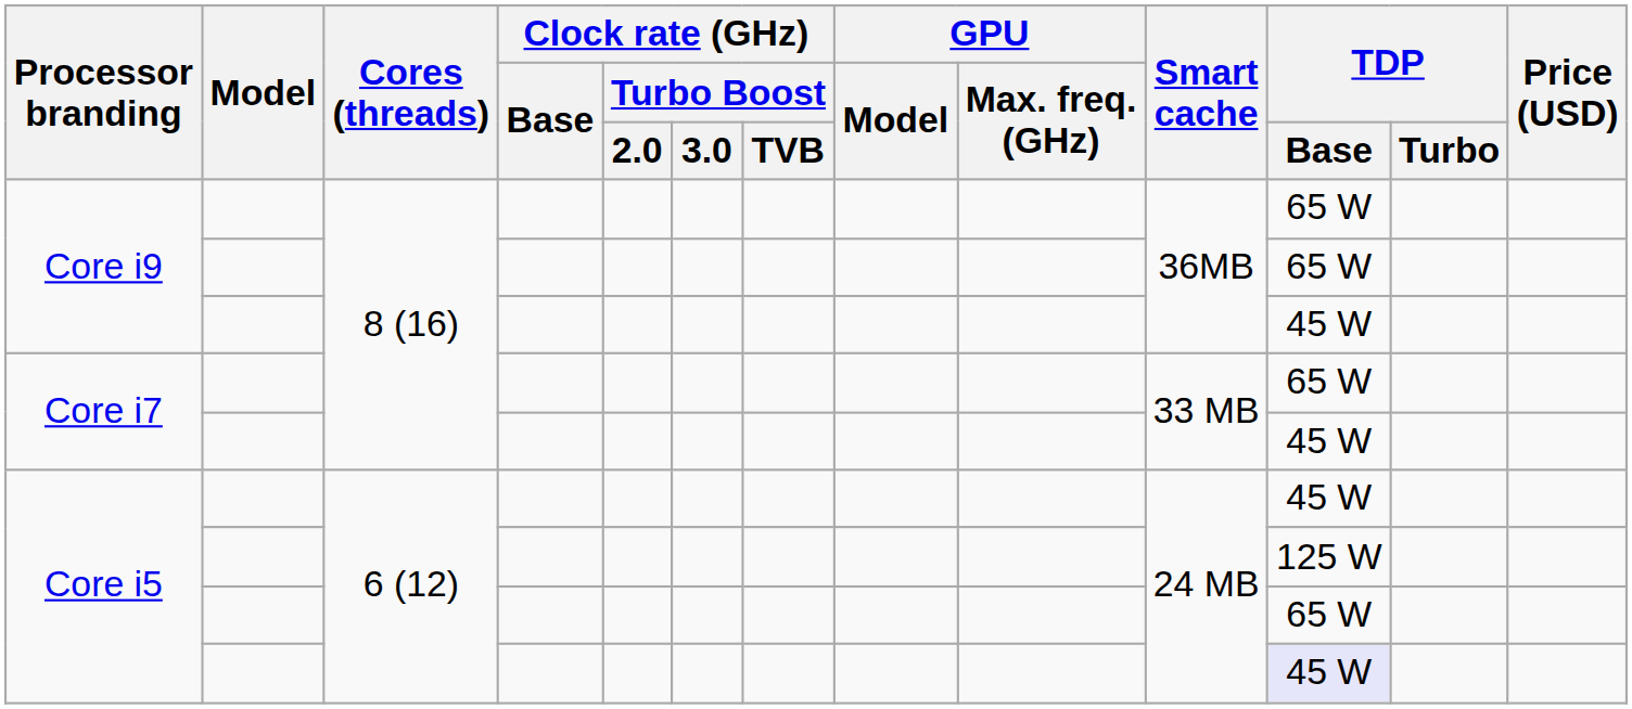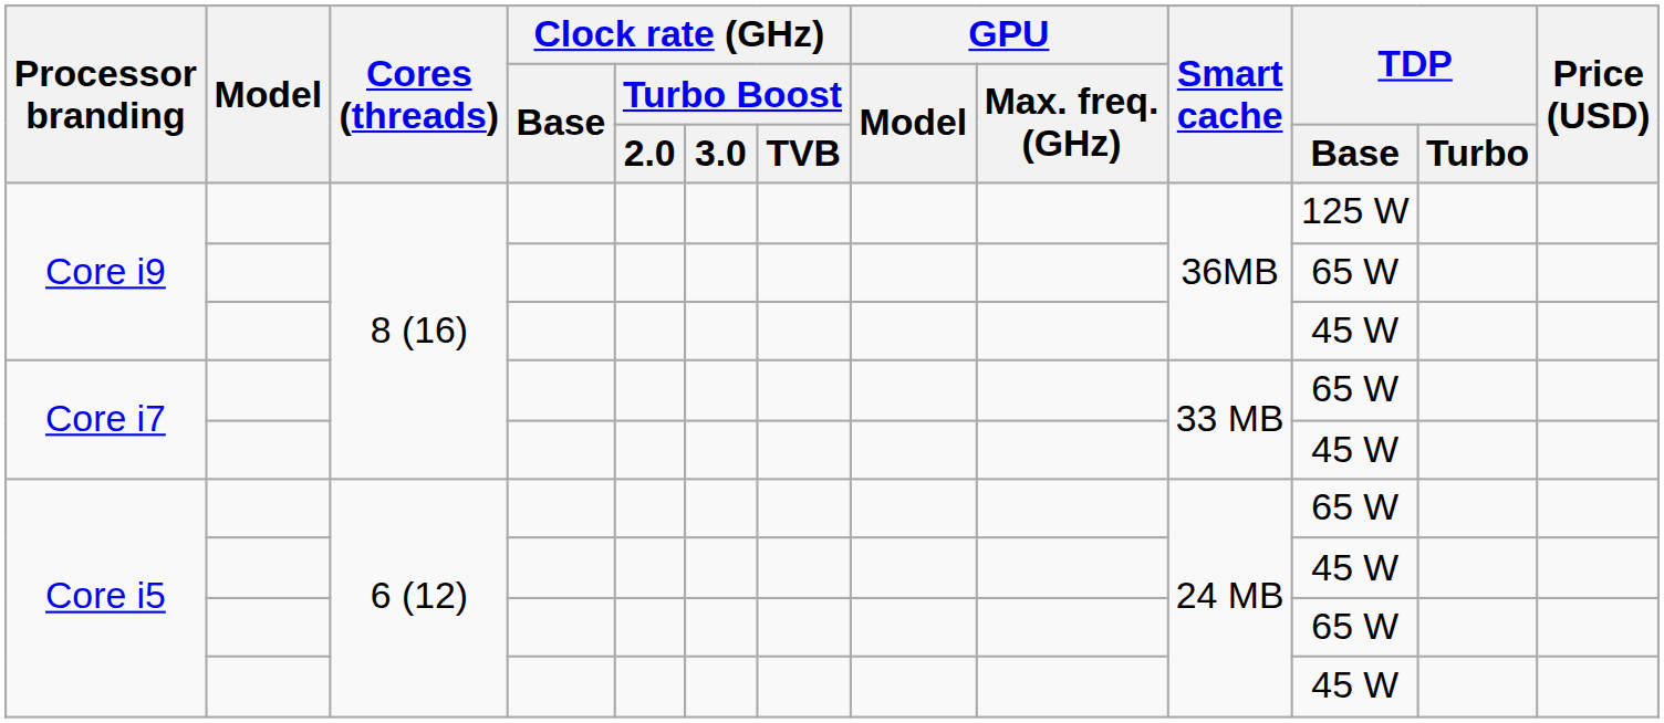 <table class="wikitable sortable" style="text-align:center;">
 <tr>
 <th rowspan="3">Processor<br>branding</th>
 <th rowspan="3">Model</th>
 <th rowspan="3"><a href='#'>Cores</a><br>(<a href='#'>threads</a>)</th>
 <th colspan="4"><a href='#'>Clock rate</a> (GHz)</th>
 <th colspan="2"><a href='#'>GPU</a></th>
 <th rowspan="3"><a href='#'>Smart<br>cache</a></th>
 <th colspan="2" rowspan="2"><a href='#'>TDP</a></th>
 <th rowspan="3">Price <br> (USD)</th>
 </tr>
 <tr>
 <th rowspan="2">Base</th>
 <th colspan="3"><a href='#'>Turbo Boost</a></th>
 <th rowspan="2">Model</th>
 <th rowspan="2">Max. freq.<br>(GHz)</th>
 </tr>
 <tr>
 <th>2.0</th>
 <th>3.0</th>
 <th>TVB</th>
 <th>Base</th>
 <th>Turbo</th>
 </tr>
 <tr>
 <td rowspan="3"><a href='#'>Core i9</a></td>
 <td></td>
 <td rowspan="5">8 (16)</td>
 <td></td>
 <td></td>
 <td></td>
 <td></td>
 <td></td>
 <td></td>
 <td rowspan="3">36MB</td>
-<td>65 W</td>
+<td>125 W</td>
 <td></td>
 <td></td>
 </tr>
 <tr>
 <td></td>
 <td></td>
 <td></td>
 <td></td>
 <td></td>
 <td></td>
 <td></td>
 <td>65 W</td>
 <td></td>
 <td></td>
 </tr>
 <tr>
 <td></td>
 <td></td>
 <td></td>
 <td></td>
 <td></td>
 <td></td>
 <td></td>
 <td>45 W</td>
 <td></td>
 <td></td>
 </tr>
 <tr>
 <td rowspan="2"><a href='#'>Core i7</a></td>
 <td></td>
 <td></td>
 <td></td>
 <td></td>
 <td></td>
 <td></td>
 <td></td>
 <td rowspan="2">33 MB</td>
 <td>65 W</td>
 <td></td>
 <td></td>
 </tr>
 <tr>
 <td></td>
 <td></td>
 <td></td>
 <td></td>
 <td></td>
 <td></td>
 <td></td>
 <td>45 W</td>
 <td></td>
 <td></td>
 </tr>
 <tr>
 <td rowspan="4"><a href='#'>Core i5</a></td>
 <td></td>
 <td rowspan="4">6 (12)</td>
 <td></td>
 <td></td>
 <td></td>
 <td></td>
 <td></td>
 <td></td>
 <td rowspan="4">24 MB</td>
-<td>45 W</td>
+<td>65 W</td>
 <td></td>
 <td></td>
 </tr>
 <tr>
 <td></td>
 <td></td>
 <td></td>
 <td></td>
 <td></td>
 <td></td>
 <td></td>
-<td>125 W</td>
+<td>45 W</td>
 <td></td>
 <td></td>
 </tr>
 <tr>
 <td></td>
 <td></td>
 <td></td>
 <td></td>
 <td></td>
 <td></td>
 <td></td>
 <td>65 W</td>
 <td></td>
 <td></td>
 </tr>
 <tr>
 <td></td>
 <td></td>
 <td></td>
 <td></td>
 <td></td>
 <td></td>
 <td></td>
-<td style="background: lavender;">45 W</td>
+<td>45 W</td>
 <td></td>
 <td></td>
 </tr>
 </table>
